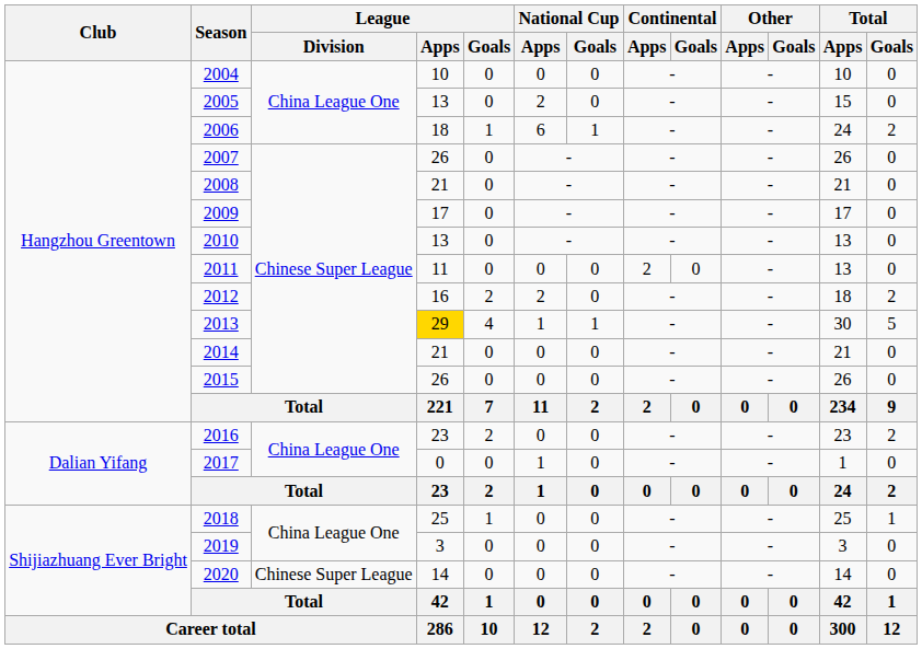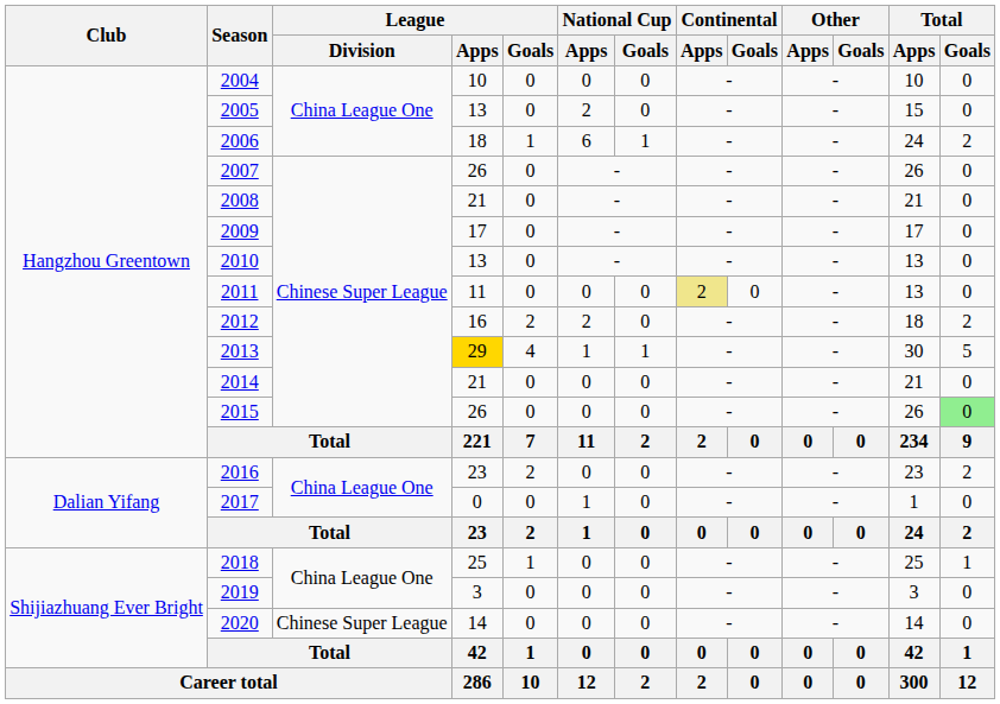 <table class="wikitable" style="text-align: center">
 <tr>
 <th rowspan="2">Club</th>
 <th rowspan="2">Season</th>
 <th colspan="3">League</th>
 <th colspan="2">National Cup</th>
 <th colspan="2">Continental</th>
 <th colspan="2">Other</th>
 <th colspan="2">Total</th>
 </tr>
 <tr>
 <th>Division</th>
 <th>Apps</th>
 <th>Goals</th>
 <th>Apps</th>
 <th>Goals</th>
 <th>Apps</th>
 <th>Goals</th>
 <th>Apps</th>
 <th>Goals</th>
 <th>Apps</th>
 <th>Goals</th>
 </tr>
 <tr>
 <td rowspan=13><a href='#'>Hangzhou Greentown</a></td>
 <td><a href='#'>2004</a></td>
 <td rowspan="3"><a href='#'>China League One</a></td>
 <td>10</td>
 <td>0</td>
 <td>0</td>
 <td>0</td>
 <td colspan="2">-</td>
 <td colspan="2">-</td>
 <td>10</td>
 <td>0</td>
 </tr>
 <tr>
 <td><a href='#'>2005</a></td>
 <td>13</td>
 <td>0</td>
 <td>2</td>
 <td>0</td>
 <td colspan="2">-</td>
 <td colspan="2">-</td>
 <td>15</td>
 <td>0</td>
 </tr>
 <tr>
 <td><a href='#'>2006</a></td>
 <td>18</td>
 <td>1</td>
 <td>6</td>
 <td>1</td>
 <td colspan="2">-</td>
 <td colspan="2">-</td>
 <td>24</td>
 <td>2</td>
 </tr>
 <tr>
 <td><a href='#'>2007</a></td>
 <td rowspan="9"><a href='#'>Chinese Super League</a></td>
 <td>26</td>
 <td>0</td>
 <td colspan="2">-</td>
 <td colspan="2">-</td>
 <td colspan="2">-</td>
 <td>26</td>
 <td>0</td>
 </tr>
 <tr>
 <td><a href='#'>2008</a></td>
 <td>21</td>
 <td>0</td>
 <td colspan="2">-</td>
 <td colspan="2">-</td>
 <td colspan="2">-</td>
 <td>21</td>
 <td>0</td>
 </tr>
 <tr>
 <td><a href='#'>2009</a></td>
 <td>17</td>
 <td>0</td>
 <td colspan="2">-</td>
 <td colspan="2">-</td>
 <td colspan="2">-</td>
 <td>17</td>
 <td>0</td>
 </tr>
 <tr>
 <td><a href='#'>2010</a></td>
 <td>13</td>
 <td>0</td>
 <td colspan="2">-</td>
 <td colspan="2">-</td>
 <td colspan="2">-</td>
 <td>13</td>
 <td>0</td>
 </tr>
 <tr>
 <td><a href='#'>2011</a></td>
 <td>11</td>
 <td>0</td>
 <td>0</td>
 <td>0</td>
-<td>2</td>
+<td style="background: khaki;">2</td>
 <td>0</td>
 <td colspan="2">-</td>
 <td>13</td>
 <td>0</td>
 </tr>
 <tr>
 <td><a href='#'>2012</a></td>
 <td>16</td>
 <td>2</td>
 <td>2</td>
 <td>0</td>
 <td colspan="2">-</td>
 <td colspan="2">-</td>
 <td>18</td>
 <td>2</td>
 </tr>
 <tr>
 <td><a href='#'>2013</a></td>
 <td style="background: gold;">29</td>
 <td>4</td>
 <td>1</td>
 <td>1</td>
 <td colspan="2">-</td>
 <td colspan="2">-</td>
 <td>30</td>
 <td>5</td>
 </tr>
 <tr>
 <td><a href='#'>2014</a></td>
 <td>21</td>
 <td>0</td>
 <td>0</td>
 <td>0</td>
 <td colspan="2">-</td>
 <td colspan="2">-</td>
 <td>21</td>
 <td>0</td>
 </tr>
 <tr>
 <td><a href='#'>2015</a></td>
 <td>26</td>
 <td>0</td>
 <td>0</td>
 <td>0</td>
 <td colspan="2">-</td>
 <td colspan="2">-</td>
 <td>26</td>
-<td>0</td>
+<td style="background: lightgreen;">0</td>
 </tr>
 <tr>
 <th colspan=2>Total</th>
 <th>221</th>
 <th>7</th>
 <th>11</th>
 <th>2</th>
 <th>2</th>
 <th>0</th>
 <th>0</th>
 <th>0</th>
 <th>234</th>
 <th>9</th>
 </tr>
 <tr>
 <td rowspan=3><a href='#'>Dalian Yifang</a></td>
 <td><a href='#'>2016</a></td>
 <td rowspan=2><a href='#'>China League One</a></td>
 <td>23</td>
 <td>2</td>
 <td>0</td>
 <td>0</td>
 <td colspan="2">-</td>
 <td colspan="2">-</td>
 <td>23</td>
 <td>2</td>
 </tr>
 <tr>
 <td><a href='#'>2017</a></td>
 <td>0</td>
 <td>0</td>
 <td>1</td>
 <td>0</td>
 <td colspan="2">-</td>
 <td colspan="2">-</td>
 <td>1</td>
 <td>0</td>
 </tr>
 <tr>
 <th colspan=2>Total</th>
 <th>23</th>
 <th>2</th>
 <th>1</th>
 <th>0</th>
 <th>0</th>
 <th>0</th>
 <th>0</th>
 <th>0</th>
 <th>24</th>
 <th>2</th>
 </tr>
 <tr>
 <td rowspan=4><a href='#'>Shijiazhuang Ever Bright</a></td>
 <td><a href='#'>2018</a></td>
 <td rowspan=2>China League One</td>
 <td>25</td>
 <td>1</td>
 <td>0</td>
 <td>0</td>
 <td colspan="2">-</td>
 <td colspan="2">-</td>
 <td>25</td>
 <td>1</td>
 </tr>
 <tr>
 <td><a href='#'>2019</a></td>
 <td>3</td>
 <td>0</td>
 <td>0</td>
 <td>0</td>
 <td colspan="2">-</td>
 <td colspan="2">-</td>
 <td>3</td>
 <td>0</td>
 </tr>
 <tr>
 <td><a href='#'>2020</a></td>
 <td>Chinese Super League</td>
 <td>14</td>
 <td>0</td>
 <td>0</td>
 <td>0</td>
 <td colspan="2">-</td>
 <td colspan="2">-</td>
 <td>14</td>
 <td>0</td>
 </tr>
 <tr>
 <th colspan=2>Total</th>
 <th>42</th>
 <th>1</th>
 <th>0</th>
 <th>0</th>
 <th>0</th>
 <th>0</th>
 <th>0</th>
 <th>0</th>
 <th>42</th>
 <th>1</th>
 </tr>
 <tr>
 <th colspan=3>Career total</th>
 <th>286</th>
 <th>10</th>
 <th>12</th>
 <th>2</th>
 <th>2</th>
 <th>0</th>
 <th>0</th>
 <th>0</th>
 <th>300</th>
 <th>12</th>
 </tr>
 </table>
